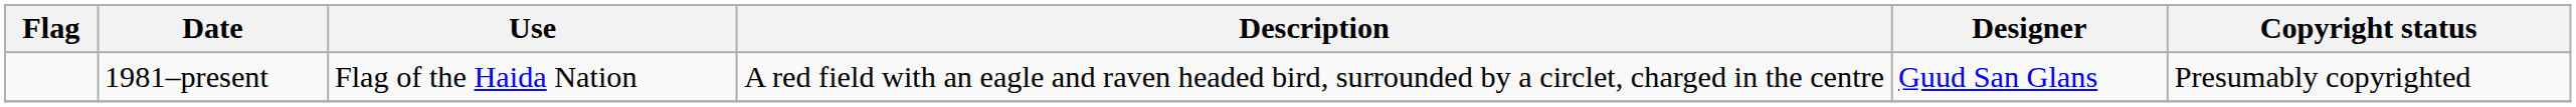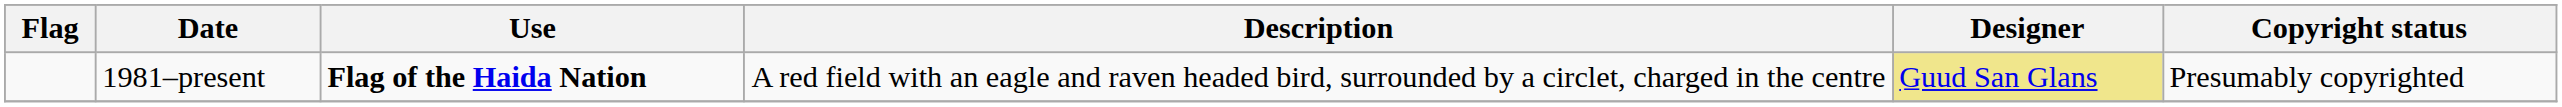 <table class="wikitable">
 <tr>
 <th scope="col">Flag</th>
 <th scope="col">Date</th>
 <th scope="col">Use</th>
 <th scope="col" style="width: 45%;">Description</th>
 <th scope="col">Designer</th>
 <th scope="col">Copyright status</th>
 </tr>
 <tr>
 <td></td>
 <td>1981–present</td>
-<td>Flag of the <a href='#'>Haida</a> Nation</td>
+<td><strong>Flag of the <a href='#'>Haida</a> Nation</strong></td>
 <td>A red field with an eagle and raven headed bird, surrounded by a circlet, charged in the centre</td>
-<td><a href='#'>G̲uud San Glans</a></td>
+<td style="background: khaki;"><a href='#'>G̲uud San Glans</a></td>
 <td>Presumably copyrighted</td>
 </tr>
 <tr>
 </tr>
 </table>
